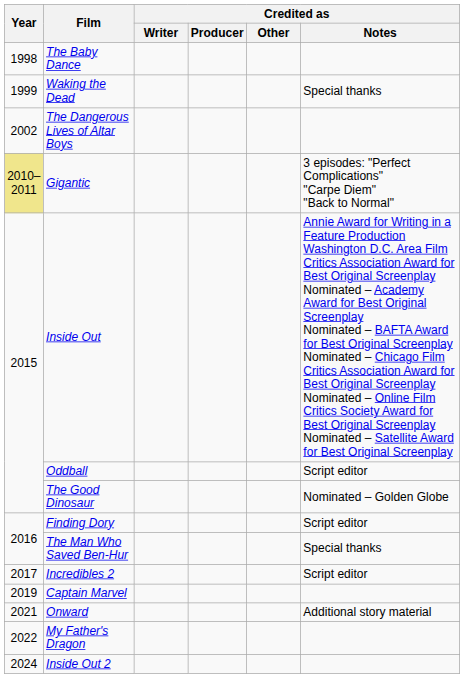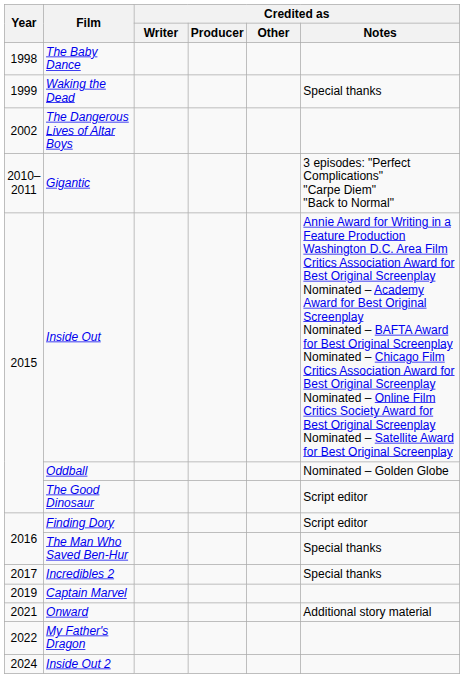 <table class="wikitable">
 <tr>
 <th rowspan="2" style="width:33px;">Year</th>
 <th rowspan="2">Film</th>
 <th colspan="5">Credited as</th>
 </tr>
 <tr>
 <th width=65>Writer</th>
 <th width=65>Producer</th>
 <th width=65>Other</th>
 <th>Notes</th>
 </tr>
 <tr style="text-align:center;">
 <td>1998</td>
 <td style="text-align:left;"><em><a href='#'>The Baby Dance</a></em></td>
 <td></td>
 <td></td>
 <td></td>
 <td style="text-align:left;"></td>
 </tr>
 <tr style="text-align:center;">
 <td>1999</td>
 <td style="text-align:left;"><em><a href='#'>Waking the Dead</a></em></td>
 <td></td>
 <td></td>
 <td></td>
 <td style="text-align:left;">Special thanks</td>
 </tr>
 <tr style="text-align:center;">
 <td>2002</td>
 <td style="text-align:left;"><em><a href='#'>The Dangerous Lives of Altar Boys</a></em></td>
 <td></td>
 <td></td>
 <td></td>
 <td style="text-align:left;"></td>
 </tr>
 <tr style="text-align:center;">
-<td style="background: khaki;">2010–2011</td>
+<td>2010–2011</td>
 <td style="text-align:left;"><em><a href='#'>Gigantic</a></em></td>
 <td></td>
 <td></td>
 <td></td>
 <td style="text-align:left;">3 episodes: "Perfect Complications"<br>"Carpe Diem"<br>"Back to Normal"</td>
 </tr>
 <tr style="text-align:center;">
 <td rowspan="3">2015</td>
 <td style="text-align:left;"><em><a href='#'>Inside Out</a></em></td>
 <td></td>
 <td></td>
 <td></td>
 <td style="text-align:left;"><a href='#'>Annie Award for Writing in a Feature Production</a> <br> <a href='#'>Washington D.C. Area Film Critics Association Award for Best Original Screenplay</a> <br> Nominated – <a href='#'>Academy Award for Best Original Screenplay</a> <br> Nominated – <a href='#'>BAFTA Award for Best Original Screenplay</a> <br> Nominated – <a href='#'>Chicago Film Critics Association Award for Best Original Screenplay</a> <br> Nominated – <a href='#'>Online Film Critics Society Award for Best Original Screenplay</a> <br> Nominated – <a href='#'>Satellite Award for Best Original Screenplay</a></td>
 </tr>
 <tr style="text-align:center;">
 <td style="text-align:left;"><em><a href='#'>Oddball</a></em></td>
 <td></td>
 <td></td>
 <td></td>
-<td style="text-align:left;">Script editor</td>
+<td style="text-align:left;">Nominated – Golden Globe</td>
 </tr>
 <tr style="text-align:center">
 <td style="text-align:left;"><em><a href='#'>The Good Dinosaur</a></em></td>
 <td></td>
 <td></td>
 <td></td>
-<td style="text-align:left;">Nominated – Golden Globe</td>
+<td style="text-align:left;">Script editor</td>
 </tr>
 <tr style="text-align:center;">
 <td rowspan="2">2016</td>
 <td style="text-align:left;"><em><a href='#'>Finding Dory</a></em></td>
 <td></td>
 <td></td>
 <td></td>
 <td style="text-align:left;">Script editor</td>
 </tr>
 <tr style="text-align:center;">
 <td style="text-align:left;"><em><a href='#'>The Man Who Saved Ben-Hur</a></em></td>
 <td></td>
 <td></td>
 <td></td>
 <td style="text-align:left;">Special thanks</td>
 </tr>
 <tr style="text-align:center;">
 <td>2017</td>
 <td style="text-align:left;"><em><a href='#'>Incredibles 2</a></em></td>
 <td></td>
 <td></td>
 <td></td>
-<td style="text-align:left;">Script editor</td>
+<td style="text-align:left;">Special thanks</td>
 </tr>
 <tr style="text-align:center;">
 <td>2019</td>
 <td style="text-align:left;"><em><a href='#'>Captain Marvel</a></em></td>
 <td></td>
 <td></td>
 <td></td>
 <td style="text-align:left;"></td>
 </tr>
 <tr style="text-align:center;">
 <td>2021</td>
 <td style="text-align:left;"><em><a href='#'>Onward</a></em></td>
 <td></td>
 <td></td>
 <td></td>
 <td style="text-align:left;">Additional story material</td>
 </tr>
 <tr style="text-align:center;">
 <td>2022</td>
 <td style="text-align:left;"><em><a href='#'>My Father's Dragon</a></em></td>
 <td></td>
 <td></td>
 <td></td>
 <td style="text-align:left;"></td>
 </tr>
 <tr style="text-align:center;">
 <td>2024</td>
 <td style="text-align:left;"><em><a href='#'>Inside Out 2</a></em></td>
 <td></td>
 <td></td>
 <td></td>
 <td style="text-align:left;"></td>
 </tr>
 </table>
